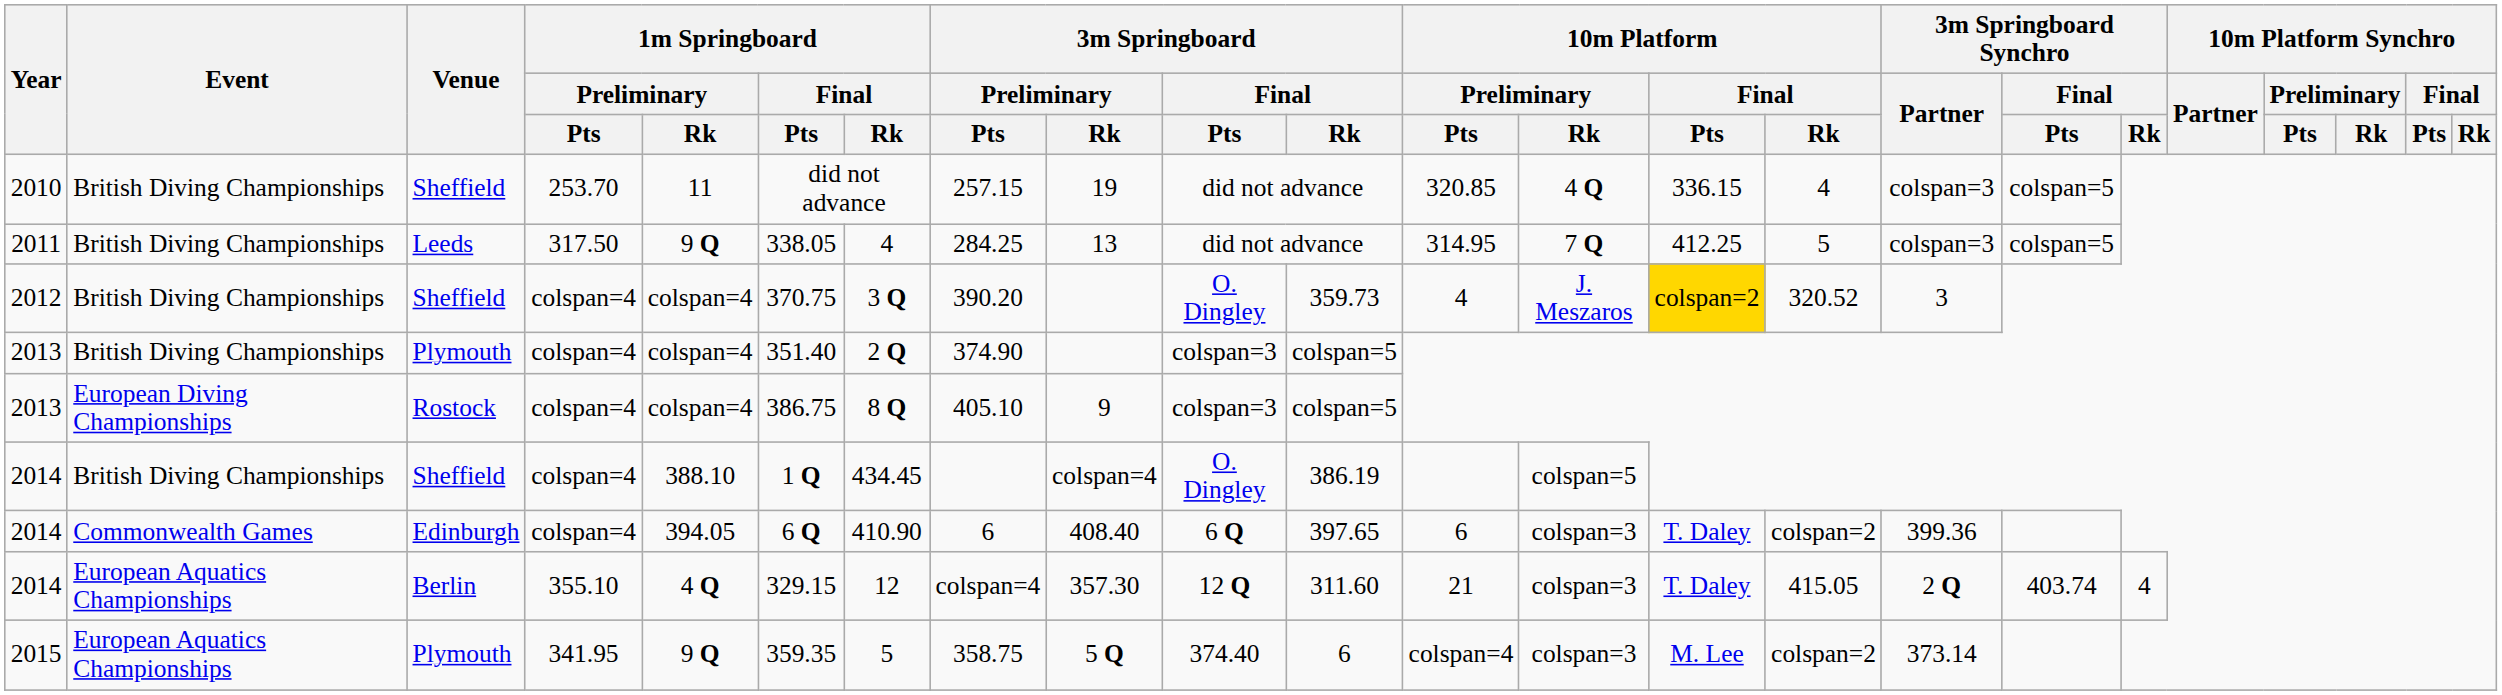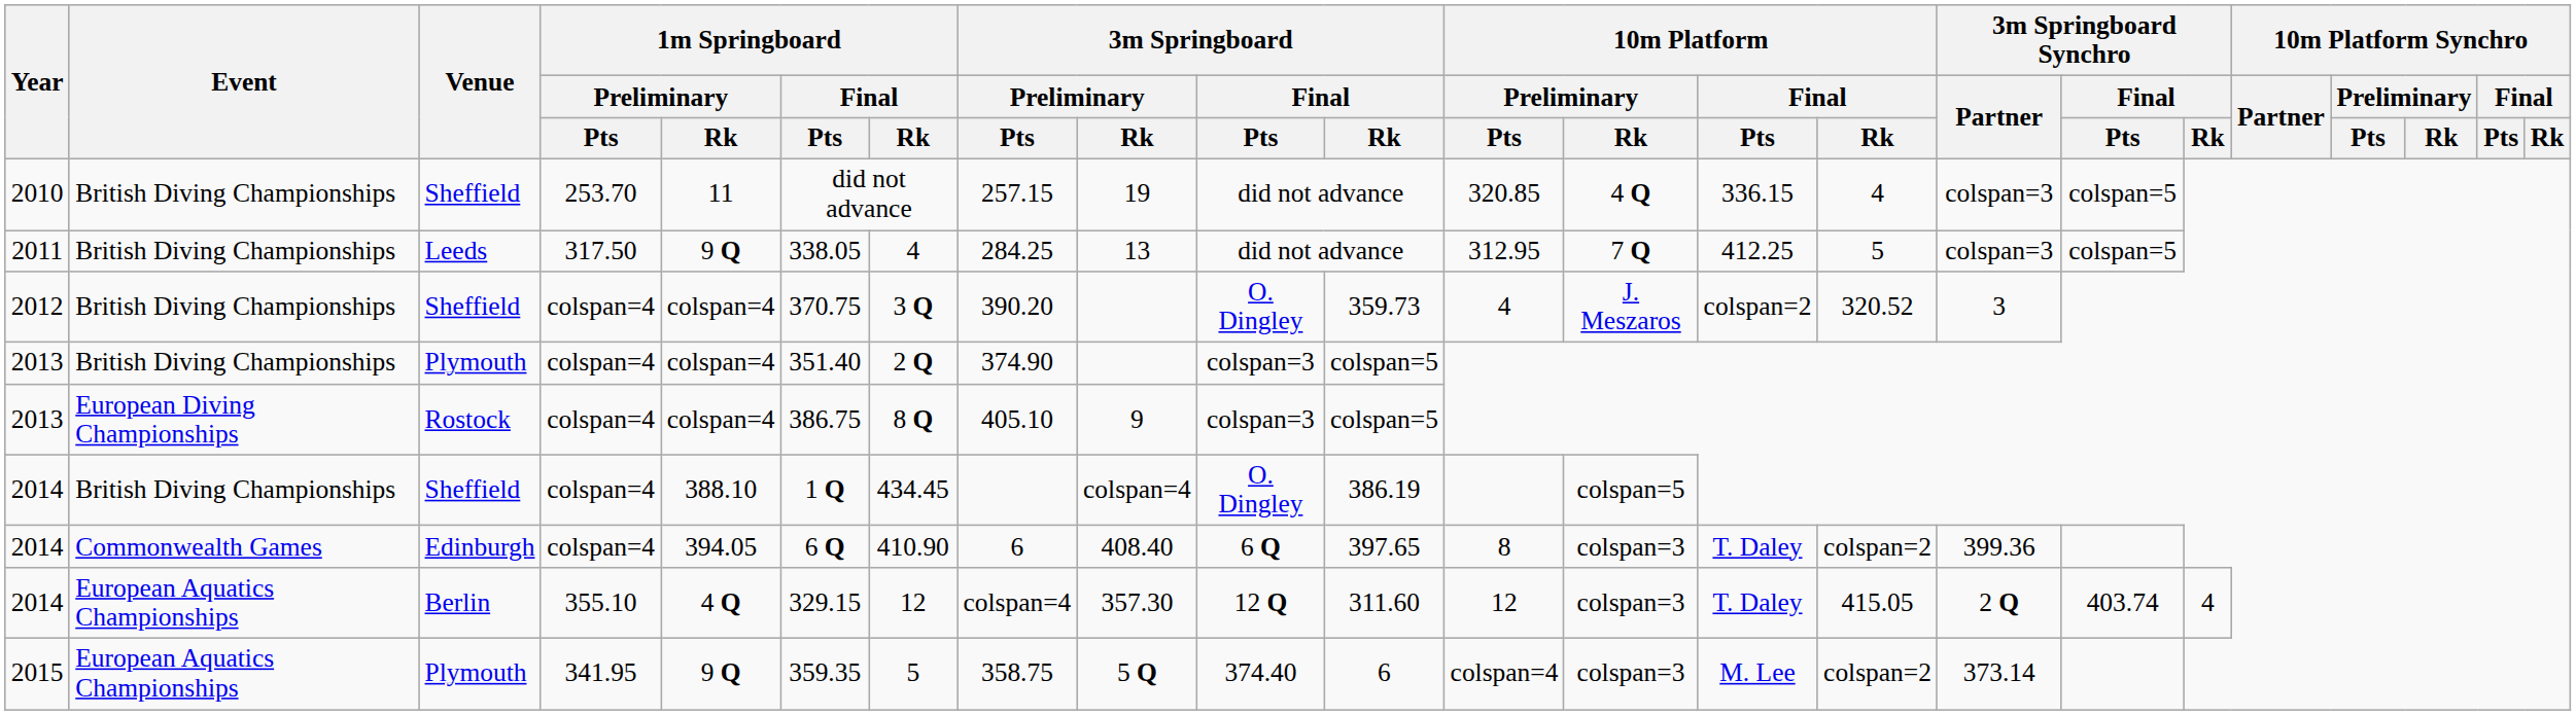 <table class="wikitable sortable" style="text-align:center">
 <tr>
 <th rowspan=3>Year</th>
 <th rowspan=3>Event</th>
 <th rowspan=3>Venue</th>
 <th colspan="4">1m Springboard</th>
 <th colspan="4">3m Springboard</th>
 <th colspan="4">10m Platform</th>
 <th colspan="3">3m Springboard Synchro</th>
 <th colspan="5">10m Platform Synchro</th>
 </tr>
 <tr>
 <th colspan="2">Preliminary</th>
 <th colspan="2">Final</th>
 <th colspan="2">Preliminary</th>
 <th colspan="2">Final</th>
 <th colspan="2">Preliminary</th>
 <th colspan="2">Final</th>
 <th rowspan=2>Partner</th>
 <th colspan="2">Final</th>
 <th rowspan=2>Partner</th>
 <th colspan="2">Preliminary</th>
 <th colspan="2">Final</th>
 </tr>
 <tr>
 <th>Pts</th>
 <th>Rk</th>
 <th>Pts</th>
 <th>Rk</th>
 <th>Pts</th>
 <th>Rk</th>
 <th>Pts</th>
 <th>Rk</th>
 <th>Pts</th>
 <th>Rk</th>
 <th>Pts</th>
 <th>Rk</th>
 <th>Pts</th>
 <th>Rk</th>
 <th>Pts</th>
 <th>Rk</th>
 <th>Pts</th>
 <th>Rk</th>
 </tr>
 <tr>
 <td>2010</td>
 <td align=left>British Diving Championships</td>
 <td align=left><a href='#'>Sheffield</a></td>
 <td>253.70</td>
 <td>11</td>
 <td colspan=2>did not advance</td>
 <td>257.15</td>
 <td>19</td>
 <td colspan=2>did not advance</td>
 <td>320.85</td>
 <td>4 <strong>Q</strong></td>
 <td>336.15</td>
 <td>4</td>
 <td>colspan=3 </td>
 <td>colspan=5 </td>
 </tr>
 <tr>
 <td>2011</td>
 <td align=left>British Diving Championships</td>
 <td align=left><a href='#'>Leeds</a></td>
 <td>317.50</td>
 <td>9 <strong>Q</strong></td>
 <td>338.05</td>
 <td>4</td>
 <td>284.25</td>
 <td>13</td>
 <td colspan=2>did not advance</td>
-<td>314.95</td>
+<td>312.95</td>
 <td>7 <strong>Q</strong></td>
 <td>412.25</td>
 <td>5</td>
 <td>colspan=3 </td>
 <td>colspan=5 </td>
 </tr>
 <tr>
 <td>2012</td>
 <td align=left>British Diving Championships</td>
 <td align=left><a href='#'>Sheffield</a></td>
 <td>colspan=4 </td>
 <td>colspan=4 </td>
 <td>370.75</td>
 <td>3 <strong>Q</strong></td>
 <td>390.20</td>
 <td></td>
 <td><a href='#'>O. Dingley</a></td>
 <td>359.73</td>
 <td>4</td>
 <td><a href='#'>J. Meszaros</a></td>
-<td style="background: gold;">colspan=2 </td>
+<td>colspan=2 </td>
 <td>320.52</td>
 <td>3</td>
 </tr>
 <tr>
 <td>2013</td>
 <td align=left>British Diving Championships</td>
 <td align=left><a href='#'>Plymouth</a></td>
 <td>colspan=4 </td>
 <td>colspan=4 </td>
 <td>351.40</td>
 <td>2 <strong>Q</strong></td>
 <td>374.90</td>
 <td></td>
 <td>colspan=3 </td>
 <td>colspan=5 </td>
 </tr>
 <tr>
 <td>2013</td>
 <td align=left><a href='#'>European Diving Championships</a></td>
 <td align=left><a href='#'>Rostock</a></td>
 <td>colspan=4 </td>
 <td>colspan=4 </td>
 <td>386.75</td>
 <td>8 <strong>Q</strong></td>
 <td>405.10</td>
 <td>9</td>
 <td>colspan=3 </td>
 <td>colspan=5 </td>
 </tr>
 <tr>
 <td>2014</td>
 <td align=left>British Diving Championships</td>
 <td align=left><a href='#'>Sheffield</a></td>
 <td>colspan=4 </td>
 <td>388.10</td>
 <td>1 <strong>Q</strong></td>
 <td>434.45</td>
 <td></td>
 <td>colspan=4 </td>
 <td><a href='#'>O. Dingley</a></td>
 <td>386.19</td>
 <td></td>
 <td>colspan=5 </td>
 </tr>
 <tr>
 <td>2014</td>
 <td align=left><a href='#'>Commonwealth Games</a></td>
 <td align=left><a href='#'>Edinburgh</a></td>
 <td>colspan=4 </td>
 <td>394.05</td>
 <td>6 <strong>Q</strong></td>
 <td>410.90</td>
 <td>6</td>
 <td>408.40</td>
 <td>6 <strong>Q</strong></td>
 <td>397.65</td>
-<td>6</td>
+<td>8</td>
 <td>colspan=3 </td>
 <td><a href='#'>T. Daley</a></td>
 <td>colspan=2 </td>
 <td>399.36</td>
 <td></td>
 </tr>
 <tr>
 <td>2014</td>
 <td align=left><a href='#'>European Aquatics Championships</a></td>
 <td align=left><a href='#'>Berlin</a></td>
 <td>355.10</td>
 <td>4 <strong>Q</strong></td>
 <td>329.15</td>
 <td>12</td>
 <td>colspan=4 </td>
 <td>357.30</td>
 <td>12 <strong>Q</strong></td>
 <td>311.60</td>
-<td>21</td>
+<td>12</td>
 <td>colspan=3 </td>
 <td><a href='#'>T. Daley</a></td>
 <td>415.05</td>
 <td>2 <strong>Q</strong></td>
 <td>403.74</td>
 <td>4</td>
 </tr>
 <tr>
 <td>2015</td>
 <td align=left><a href='#'>European Aquatics Championships</a></td>
 <td align=left><a href='#'>Plymouth</a></td>
 <td>341.95</td>
 <td>9 <strong>Q</strong></td>
 <td>359.35</td>
 <td>5</td>
 <td>358.75</td>
 <td>5 <strong>Q</strong></td>
 <td>374.40</td>
 <td>6</td>
 <td>colspan=4 </td>
 <td>colspan=3 </td>
 <td><a href='#'>M. Lee</a></td>
 <td>colspan=2 </td>
 <td>373.14</td>
 <td></td>
 </tr>
 </table>
